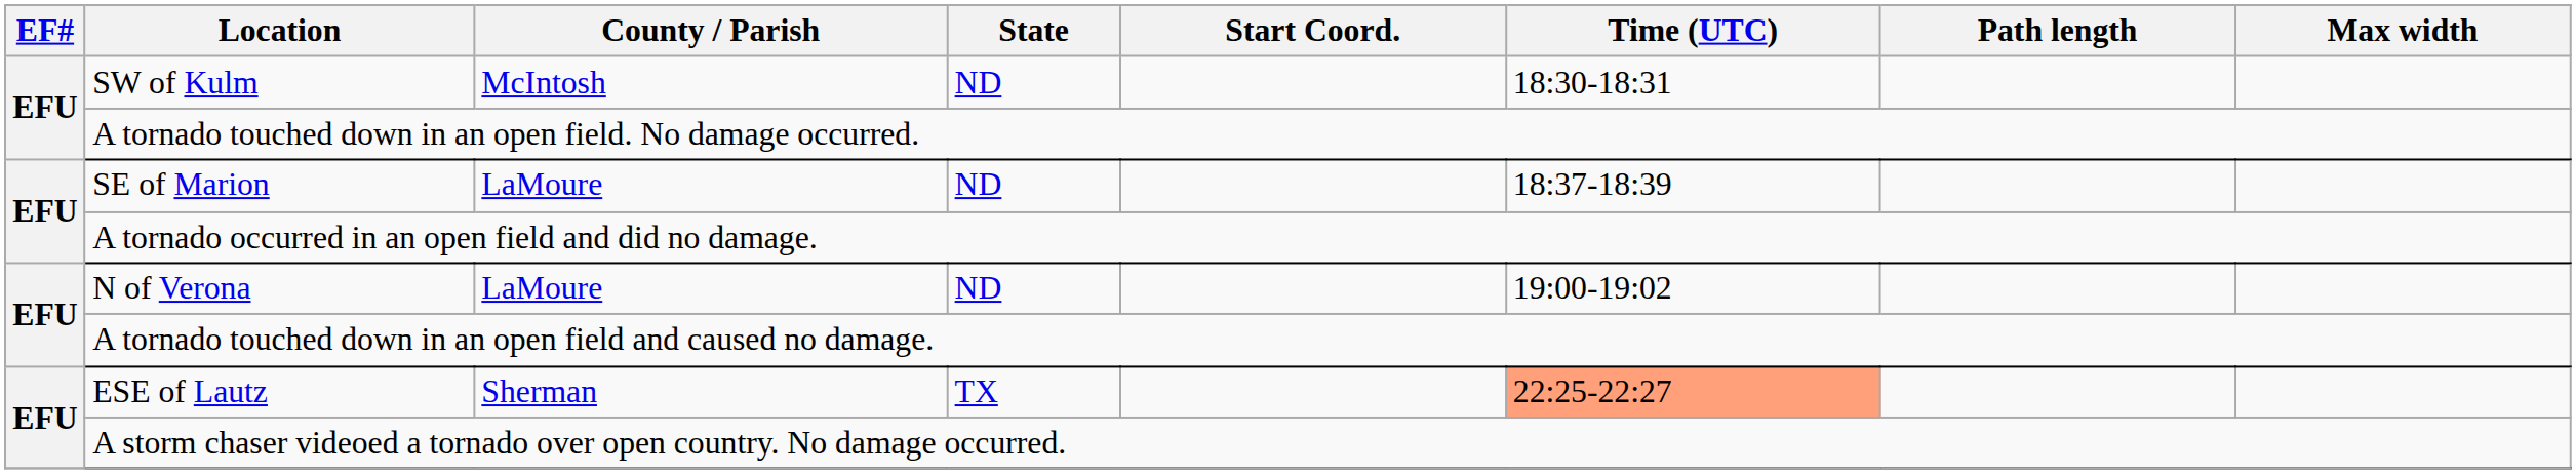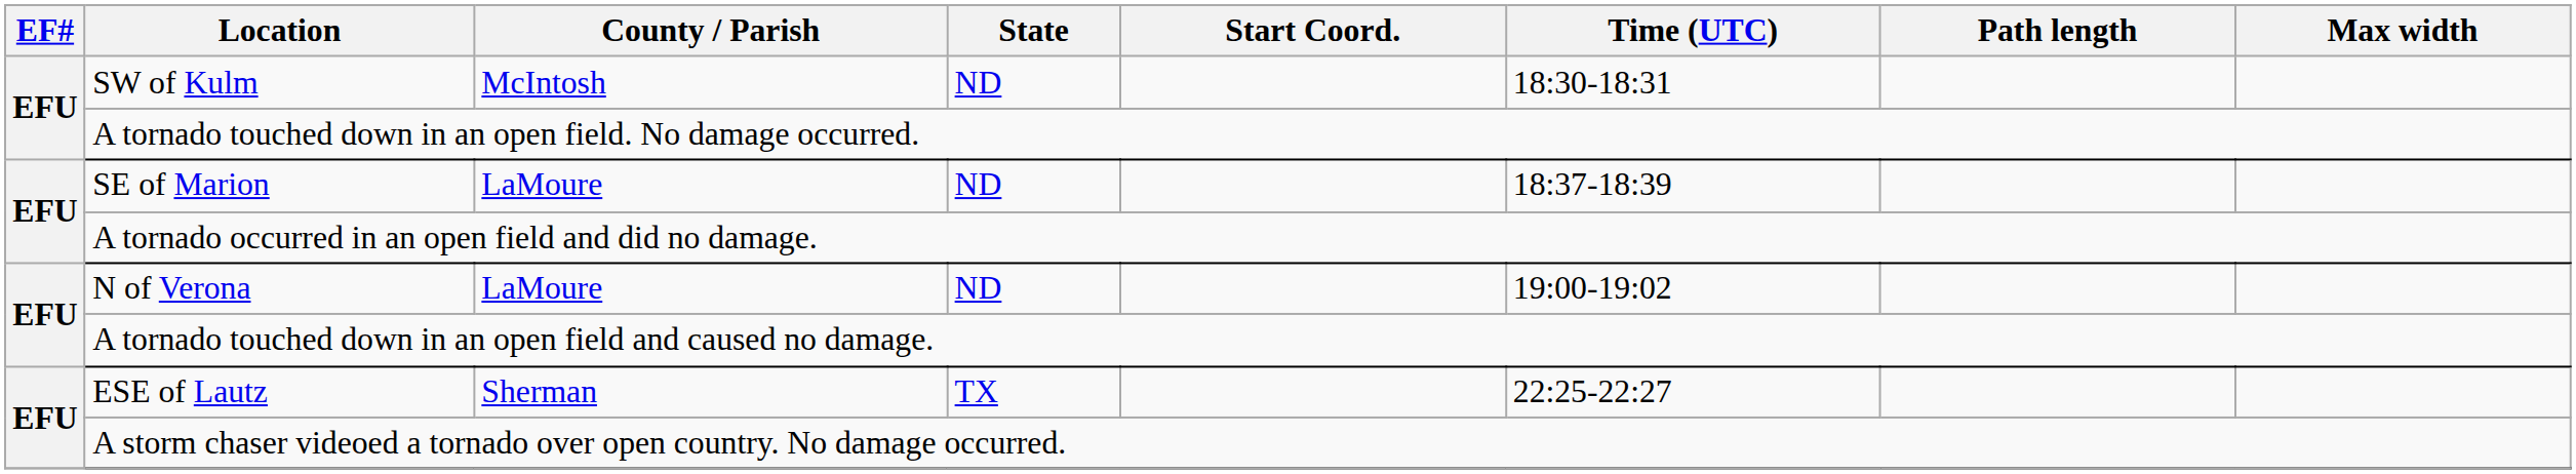 <table class="wikitable sortable" style="width:100%;">
 <tr>
 <th scope="col" width="2%" align="center"><a href='#'>EF#</a></th>
 <th scope="col" align="center" class="unsortable">Location</th>
 <th scope="col" align="center" class="unsortable">County / Parish</th>
 <th scope="col" align="center">State</th>
 <th scope="col" align="center">Start Coord.</th>
 <th scope="col" align="center">Time (<a href='#'>UTC</a>)</th>
 <th scope="col" align="center">Path length</th>
 <th scope="col" align="center">Max width</th>
 </tr>
 <tr>
 <th scope="row" rowspan="2" style="background-color:#">EFU</th>
 <td>SW of <a href='#'>Kulm</a></td>
 <td><a href='#'>McIntosh</a></td>
 <td><a href='#'>ND</a></td>
 <td></td>
 <td>18:30-18:31</td>
 <td></td>
 <td></td>
 </tr>
 <tr class="expand-child">
 <td colspan="8" style=" border-bottom: 1px solid black;">A tornado touched down in an open field. No damage occurred.</td>
 </tr>
 <tr>
 <th scope="row" rowspan="2" style="background-color:#">EFU</th>
 <td>SE of <a href='#'>Marion</a></td>
 <td><a href='#'>LaMoure</a></td>
 <td><a href='#'>ND</a></td>
 <td></td>
 <td>18:37-18:39</td>
 <td></td>
 <td></td>
 </tr>
 <tr class="expand-child">
 <td colspan="8" style=" border-bottom: 1px solid black;">A tornado occurred in an open field and did no damage.</td>
 </tr>
 <tr>
 <th scope="row" rowspan="2" style="background-color:#">EFU</th>
 <td>N of <a href='#'>Verona</a></td>
 <td><a href='#'>LaMoure</a></td>
 <td><a href='#'>ND</a></td>
 <td></td>
 <td>19:00-19:02</td>
 <td></td>
 <td></td>
 </tr>
 <tr class="expand-child">
 <td colspan="8" style=" border-bottom: 1px solid black;">A tornado touched down in an open field and caused no damage.</td>
 </tr>
 <tr>
 <th scope="row" rowspan="2" style="background-color:#">EFU</th>
 <td>ESE of <a href='#'>Lautz</a></td>
 <td><a href='#'>Sherman</a></td>
 <td><a href='#'>TX</a></td>
 <td></td>
-<td style="background: lightsalmon;">22:25-22:27</td>
+<td>22:25-22:27</td>
 <td></td>
 <td></td>
 </tr>
 <tr class="expand-child">
 <td colspan="8" style=" border-bottom: 1px solid black;">A storm chaser videoed a tornado over open country. No damage occurred.</td>
 </tr>
 <tr>
 </tr>
 </table>
